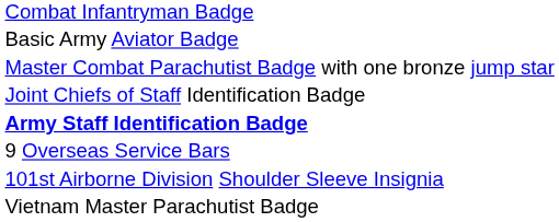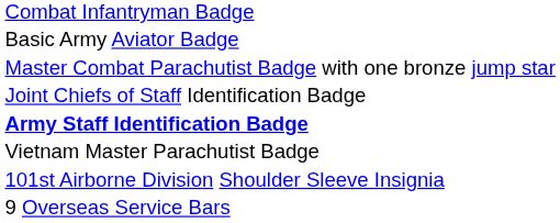 <table>
 <tr>
 <td> <a href='#'>Combat Infantryman Badge</a></td>
 </tr>
 <tr>
 <td> Basic Army <a href='#'>Aviator Badge</a></td>
 </tr>
 <tr>
 <td> <a href='#'>Master Combat Parachutist Badge</a> with one bronze <a href='#'>jump star</a></td>
 </tr>
 <tr>
 <td> <a href='#'>Joint Chiefs of Staff</a> Identification Badge</td>
 </tr>
 <tr>
 <td><strong> <a href='#'>Army Staff Identification Badge</a></strong></td>
 </tr>
 <tr>
-<td> 9 <a href='#'>Overseas Service Bars</a></td>
+<td> Vietnam Master Parachutist Badge</td>
 </tr>
 <tr>
 <td> <a href='#'>101st Airborne Division</a> <a href='#'>Shoulder Sleeve Insignia</a></td>
 </tr>
 <tr>
-<td> Vietnam Master Parachutist Badge</td>
+<td> 9 <a href='#'>Overseas Service Bars</a></td>
 </tr>
 </table>
